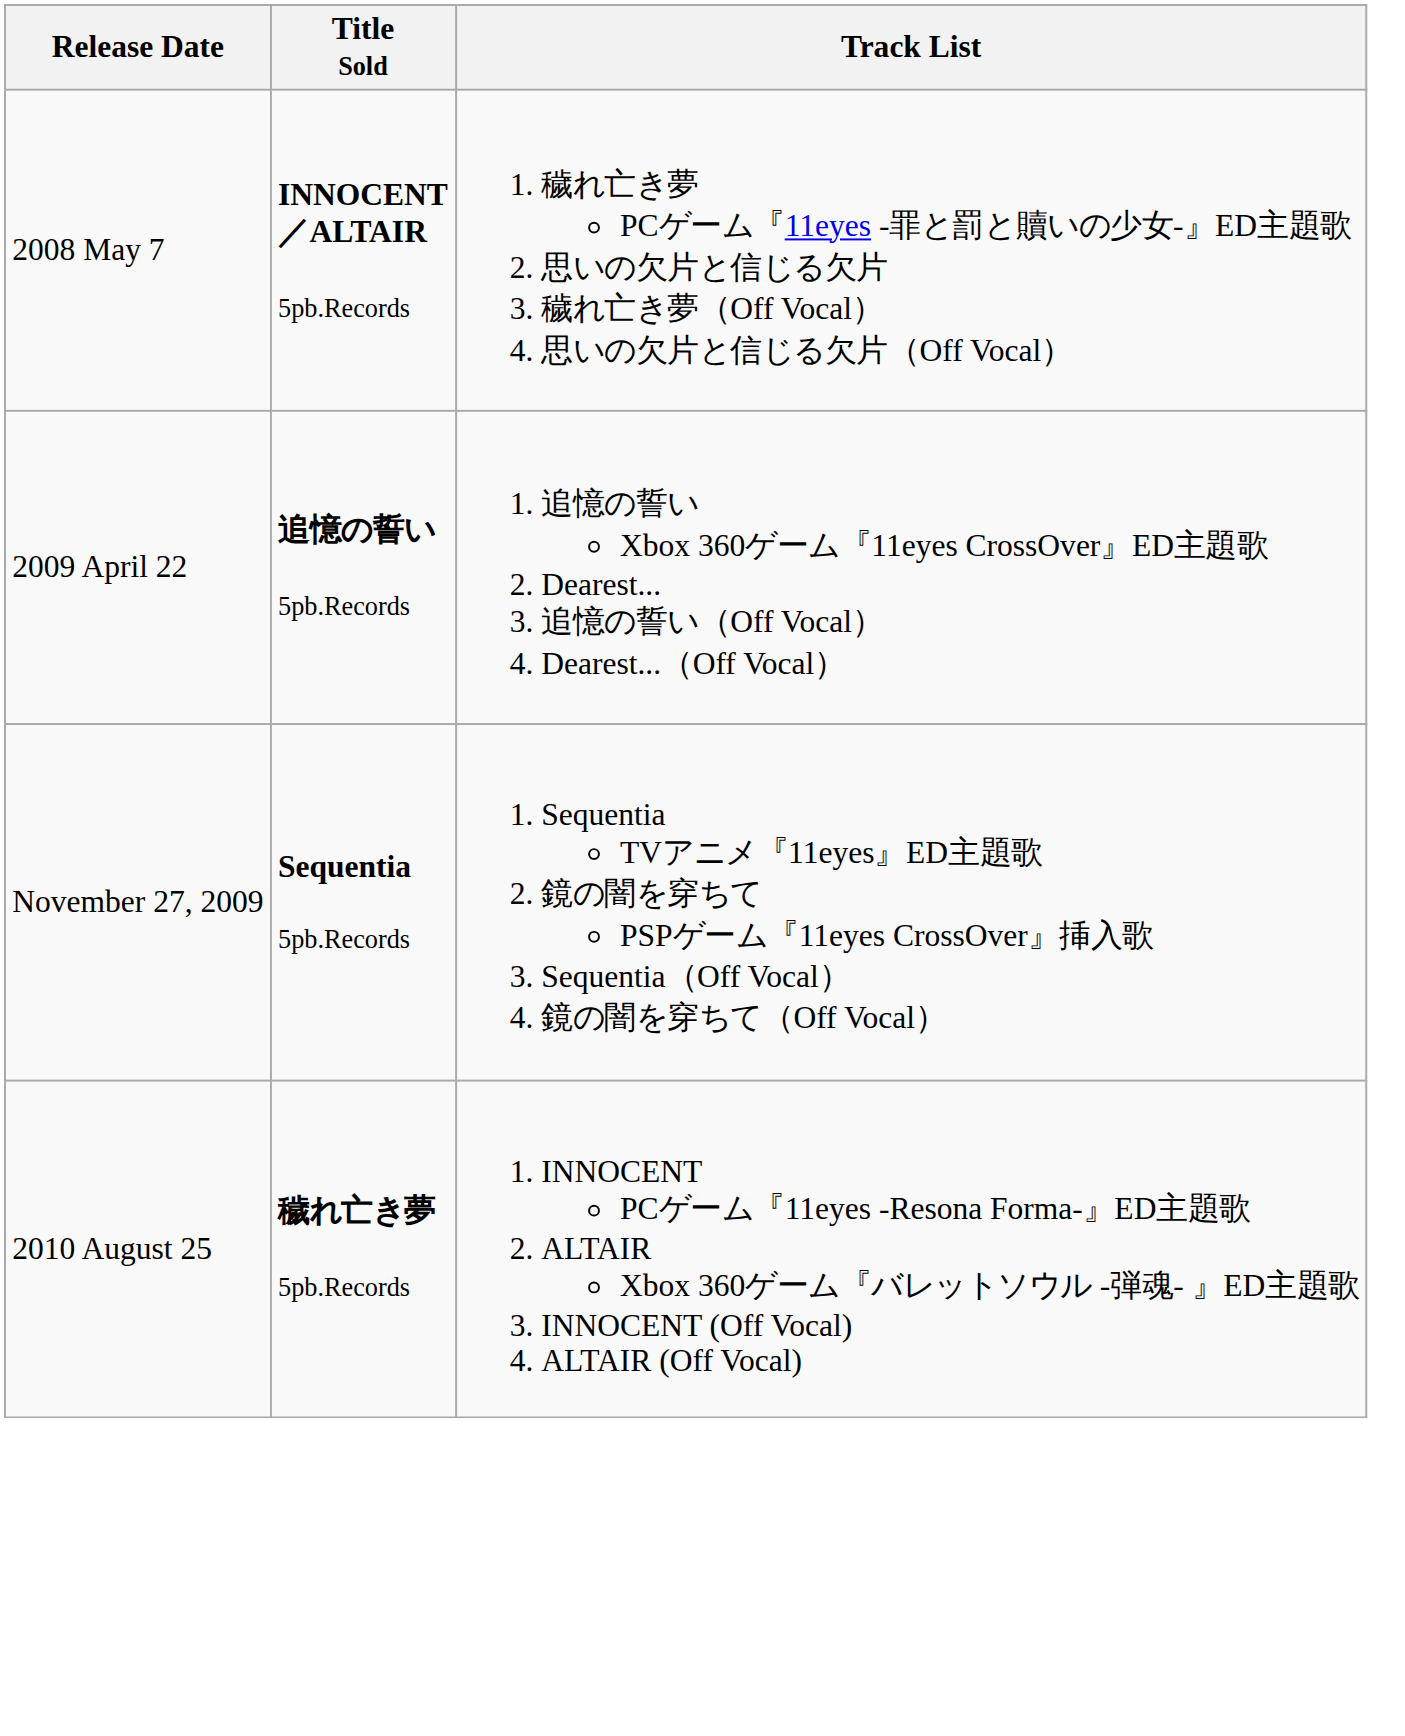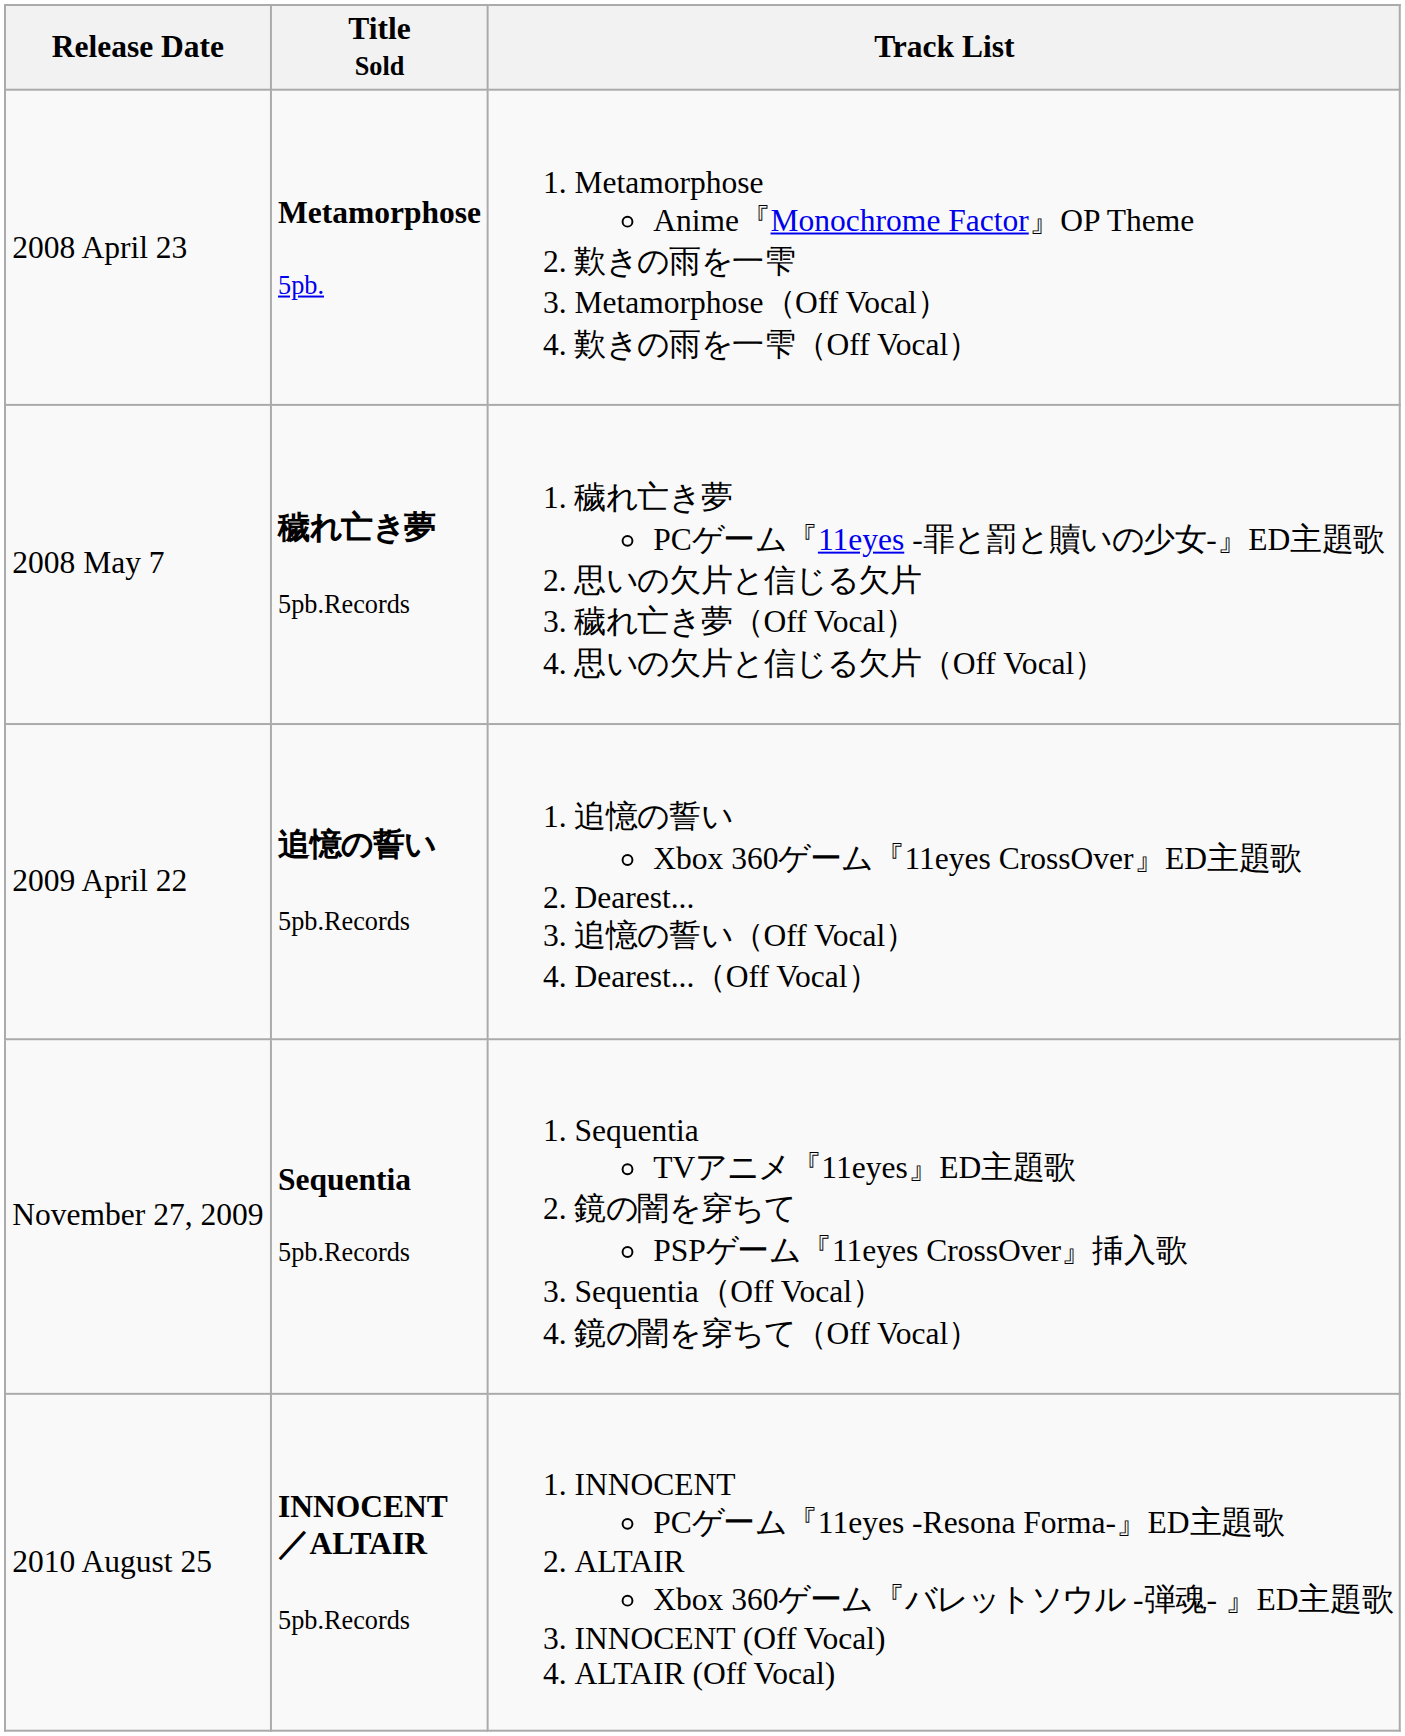 <table class=wikitable>
 <tr>
 <th>Release Date</th>
 <th>Title <br><small>Sold</small></th>
 <th>Track List</th>
 </tr>
 <tr>
+<td>2008 April 23</td>
+<td><strong>Metamorphose</strong><br><br><small><a href='#'>5pb.</a></small></td>
+<td><br><ol><li>Metamorphose<ul><li>Anime『<a href='#'>Monochrome Factor</a>』OP Theme</li></ul></li><li>歎きの雨を一雫</li><li>Metamorphose（Off Vocal）</li><li>歎きの雨を一雫（Off Vocal）</li></ol></td>
+</tr>
+<tr>
 <td>2008 May 7</td>
-<td><strong>INNOCENT<br>／ALTAIR</strong><br><br><small>5pb.Records</small></td>
+<td><strong>穢れ亡き夢</strong><br><br><small>5pb.Records</small></td>
 <td><br><ol><li>穢れ亡き夢<ul><li>PCゲーム『<a href='#'>11eyes</a> -罪と罰と贖いの少女-』ED主題歌</li></ul></li><li>思いの欠片と信じる欠片</li><li>穢れ亡き夢（Off Vocal）</li><li>思いの欠片と信じる欠片（Off Vocal）</li></ol></td>
 </tr>
 <tr>
 <td>2009 April 22</td>
 <td><strong>追憶の誓い</strong><br><br><small>5pb.Records</small></td>
 <td><br><ol><li>追憶の誓い<ul><li>Xbox 360ゲーム『11eyes CrossOver』ED主題歌</li></ul></li><li>Dearest...</li><li>追憶の誓い（Off Vocal）</li><li>Dearest...（Off Vocal）</li></ol></td>
 </tr>
 <tr>
 <td>November 27, 2009</td>
 <td><strong>Sequentia</strong><br><br><small>5pb.Records</small></td>
 <td><br><ol><li>Sequentia<ul><li>TVアニメ『11eyes』ED主題歌</li></ul></li><li>鏡の闇を穿ちて<ul><li>PSPゲーム『11eyes CrossOver』挿入歌</li></ul></li><li>Sequentia（Off Vocal）</li><li>鏡の闇を穿ちて（Off Vocal）</li></ol></td>
 </tr>
 <tr>
 <td>2010 August 25</td>
-<td><strong>穢れ亡き夢</strong><br><br><small>5pb.Records</small></td>
+<td><strong>INNOCENT<br>／ALTAIR</strong><br><br><small>5pb.Records</small></td>
 <td><br><ol><li>INNOCENT<ul><li>PCゲーム『11eyes -Resona Forma-』ED主題歌</li></ul></li><li>ALTAIR<ul><li>Xbox 360ゲーム『バレットソウル -弾魂- 』ED主題歌</li></ul></li><li>INNOCENT (Off Vocal)</li><li>ALTAIR (Off Vocal)</li></ol></td>
 </tr>
 </table>
